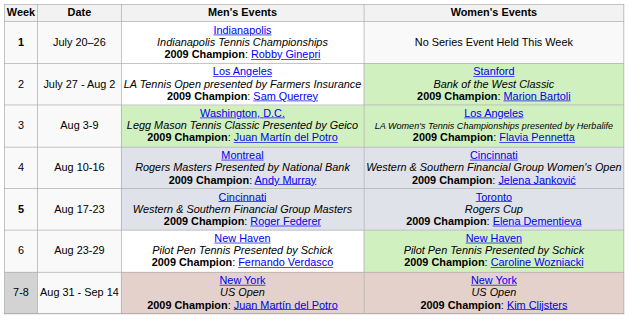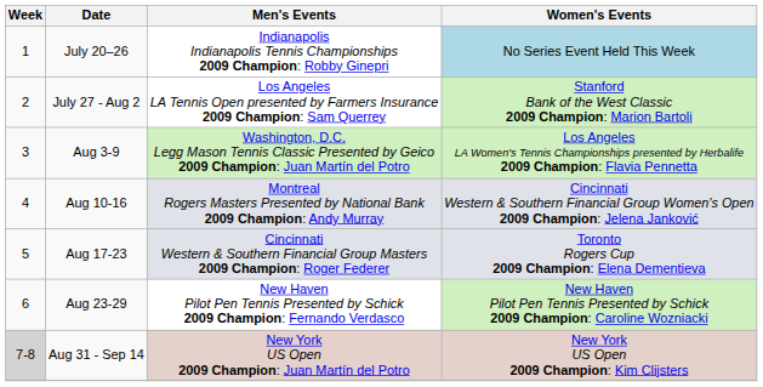 <table class="wikitable">
 <tr>
 <th>Week</th>
 <th>Date</th>
 <th>Men's Events</th>
 <th>Women's Events</th>
 </tr>
 <tr align=center>
-<td><strong>1</strong></td>
+<td>1</td>
 <td>July 20–26</td>
 <td bgcolor="#ffffff"><a href='#'>Indianapolis</a><br><em>Indianapolis Tennis Championships</em><br><strong>2009 Champion</strong>:  <a href='#'>Robby Ginepri</a></td>
-<td>No Series Event Held This Week</td>
+<td style="background: lightblue;">No Series Event Held This Week</td>
 </tr>
 <tr align=center>
 <td>2</td>
 <td>July 27 - Aug 2</td>
 <td bgcolor="#ffffff"><a href='#'>Los Angeles</a><br><em>LA Tennis Open presented by Farmers Insurance</em><br><strong>2009 Champion</strong>:  <a href='#'>Sam Querrey</a><br></td>
 <td bgcolor="d0f0c0"><a href='#'>Stanford</a><br><em>Bank of the West Classic</em><br><strong>2009 Champion</strong>:   <a href='#'>Marion Bartoli</a><br></td>
 </tr>
 <tr align=center>
 <td>3</td>
 <td>Aug 3-9</td>
 <td bgcolor="d0f0c0"><a href='#'>Washington, D.C.</a><br><em>Legg Mason Tennis Classic Presented by Geico</em> <br><strong>2009 Champion</strong>:  <a href='#'>Juan Martín del Potro</a></td>
 <td bgcolor="d0f0c0"><a href='#'>Los Angeles</a><br><small><em>LA Women's Tennis Championships presented by Herbalife</em></small><br><strong>2009 Champion</strong>:  <a href='#'>Flavia Pennetta</a></td>
 </tr>
 <tr align=center>
 <td>4</td>
 <td>Aug 10-16</td>
 <td bgcolor="#dfe2e9"><a href='#'>Montreal</a><br><em>Rogers Masters Presented by National Bank</em><br><strong>2009 Champion</strong>:  <a href='#'>Andy Murray</a></td>
 <td bgcolor="#dfe2e9"><a href='#'>Cincinnati</a><br><em>Western & Southern Financial Group Women's Open</em><br><strong>2009 Champion</strong>:  <a href='#'>Jelena Janković</a></td>
 </tr>
 <tr align=center>
-<td><strong>5</strong></td>
+<td>5</td>
 <td>Aug 17-23</td>
 <td bgcolor="#dfe2e9"><a href='#'>Cincinnati</a><br><em>Western & Southern Financial Group Masters</em><br><strong>2009 Champion</strong>:  <a href='#'>Roger Federer</a></td>
 <td bgcolor="#dfe2e9"><a href='#'>Toronto</a><br><em>Rogers Cup</em><br><strong>2009 Champion</strong>:  <a href='#'>Elena Dementieva</a></td>
 </tr>
 <tr align=center>
 <td>6</td>
 <td>Aug 23-29</td>
 <td bgcolor="#ffffff"><a href='#'>New Haven</a><br> <em>Pilot Pen Tennis Presented by Schick</em><br><strong>2009 Champion</strong>:  <a href='#'>Fernando Verdasco</a></td>
 <td bgcolor="d0f0c0"><a href='#'>New Haven</a><br> <em>Pilot Pen Tennis Presented by Schick</em><br><strong>2009 Champion</strong>:  <a href='#'>Caroline Wozniacki</a></td>
 </tr>
 <tr align=center>
 <td style="background: lightgrey;">7-8</td>
 <td>Aug 31 - Sep 14</td>
 <td bgcolor="#e5d1cb"><a href='#'>New York</a><br> <em>US Open</em><br><strong>2009 Champion</strong>:   <a href='#'>Juan Martín del Potro</a></td>
 <td bgcolor="#e5d1cb"><a href='#'>New York</a><br> <em>US Open</em><br><strong>2009 Champion</strong>:   <a href='#'>Kim Clijsters</a></td>
 </tr>
 <tr align=center>
 </tr>
 </table>
